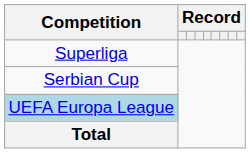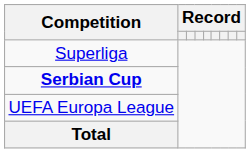 <table class="wikitable" style="text-align: center">
 <tr>
 <th rowspan=2>Competition</th>
 <th colspan=8>Record</th>
 </tr>
 <tr>
 <th></th>
 <th></th>
 <th></th>
 <th></th>
 <th></th>
 <th></th>
 <th></th>
 <th></th>
 </tr>
 <tr>
 <td><a href='#'>Superliga</a><br></td>
 </tr>
 <tr>
-<td><a href='#'>Serbian Cup</a><br></td>
+<td><strong><a href='#'>Serbian Cup</a><br></strong></td>
 </tr>
 <tr>
-<td style="background: lightblue;"><a href='#'>UEFA Europa League</a><br></td>
+<td><a href='#'>UEFA Europa League</a><br></td>
 </tr>
 <tr>
 <th>Total<br></th>
 </tr>
 </table>
